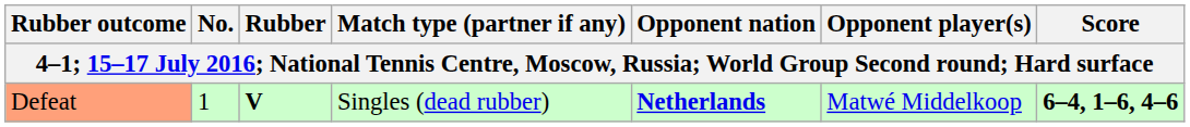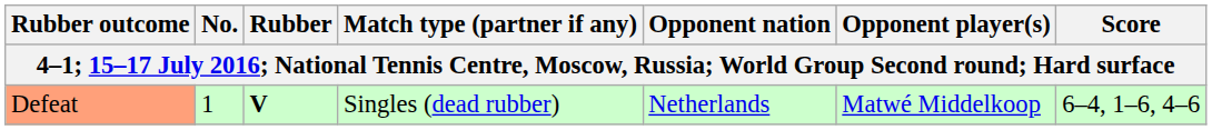 <table class=wikitable>
 <tr>
 <th>Rubber outcome</th>
 <th>No.</th>
 <th>Rubber</th>
 <th>Match type (partner if any)</th>
 <th>Opponent nation</th>
 <th>Opponent player(s)</th>
 <th>Score</th>
 </tr>
 <tr>
 <th colspan=7>4–1; <a href='#'>15–17 July 2016</a>; National Tennis Centre, Moscow, Russia; World Group Second round; Hard surface</th>
 </tr>
 <tr bgcolor=#CCFFCC>
 <td bgcolor=FFA07A>Defeat</td>
 <td>1</td>
 <td><strong>V</strong></td>
 <td>Singles (<a href='#'>dead rubber</a>)</td>
-<td><strong> <a href='#'>Netherlands</a></strong></td>
+<td> <a href='#'>Netherlands</a></td>
 <td><a href='#'>Matwé Middelkoop</a></td>
-<td><strong>6–4, 1–6, 4–6</strong></td>
+<td>6–4, 1–6, 4–6</td>
 </tr>
 </table>
